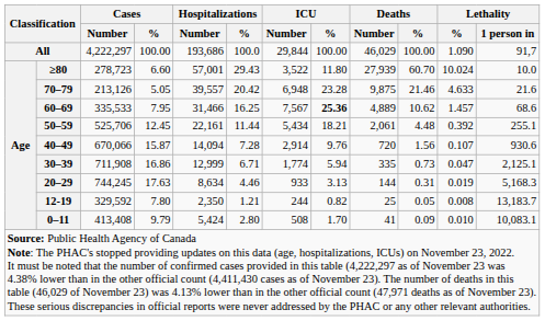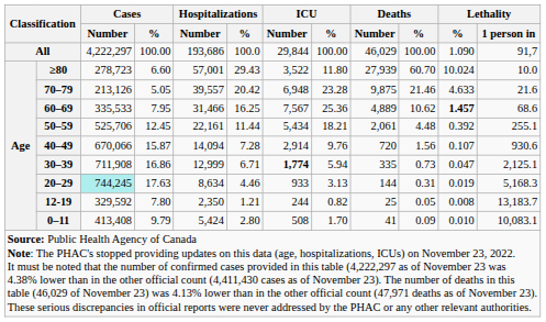 <table class="wikitable" style="text-align:right; font-size:90%">
 <tr>
 <th rowspan="2" colspan="2">Classification</th>
 <th colspan="2">Cases</th>
 <th colspan="2">Hospitalizations</th>
 <th colspan="2">ICU</th>
 <th colspan="2">Deaths</th>
 <th colspan="2">Lethality</th>
 </tr>
 <tr>
 <th>Number</th>
 <th>%</th>
 <th>Number</th>
 <th>%</th>
 <th>Number</th>
 <th>%</th>
 <th>Number</th>
 <th>%</th>
 <th>%</th>
 <th>1 person in</th>
 </tr>
 <tr>
 <th colspan="2">All</th>
 <td>4,222,297</td>
 <td>100.00</td>
 <td>193,686</td>
 <td>100.0</td>
 <td>29,844</td>
 <td>100.00</td>
 <td>46,029</td>
 <td>100.00</td>
 <td>1.090</td>
 <td>91,7</td>
 </tr>
 <tr>
 <th rowspan="9">Age</th>
 <th>≥80</th>
 <td>278,723</td>
 <td>6.60</td>
 <td>57,001</td>
 <td>29.43</td>
 <td>3,522</td>
 <td>11.80</td>
 <td>27,939</td>
 <td>60.70</td>
 <td>10.024</td>
 <td>10.0</td>
 </tr>
 <tr>
 <th>70–79</th>
 <td>213,126</td>
 <td>5.05</td>
 <td>39,557</td>
 <td>20.42</td>
 <td>6,948</td>
 <td>23.28</td>
 <td>9,875</td>
 <td>21.46</td>
 <td>4.633</td>
 <td>21.6</td>
 </tr>
 <tr>
 <th>60–69</th>
 <td>335,533</td>
 <td>7.95</td>
 <td>31,466</td>
 <td>16.25</td>
 <td>7,567</td>
-<td><strong>25.36</strong></td>
+<td>25.36</td>
 <td>4,889</td>
 <td>10.62</td>
-<td>1.457</td>
+<td><strong>1.457</strong></td>
 <td>68.6</td>
 </tr>
 <tr>
 <th>50–59</th>
 <td>525,706</td>
 <td>12.45</td>
 <td>22,161</td>
 <td>11.44</td>
 <td>5,434</td>
 <td>18.21</td>
 <td>2,061</td>
 <td>4.48</td>
 <td>0.392</td>
 <td>255.1</td>
 </tr>
 <tr>
 <th>40–49</th>
 <td>670,066</td>
 <td>15.87</td>
 <td>14,094</td>
 <td>7.28</td>
 <td>2,914</td>
 <td>9.76</td>
 <td>720</td>
 <td>1.56</td>
 <td>0.107</td>
 <td>930.6</td>
 </tr>
 <tr>
 <th>30–39</th>
 <td>711,908</td>
 <td>16.86</td>
 <td>12,999</td>
 <td>6.71</td>
-<td>1,774</td>
+<td><strong>1,774</strong></td>
 <td>5.94</td>
 <td>335</td>
 <td>0.73</td>
 <td>0.047</td>
 <td>2,125.1</td>
 </tr>
 <tr>
 <th>20–29</th>
-<td>744,245</td>
+<td style="background: paleturquoise;">744,245</td>
 <td>17.63</td>
 <td>8,634</td>
 <td>4.46</td>
 <td>933</td>
 <td>3.13</td>
 <td>144</td>
 <td>0.31</td>
 <td>0.019</td>
 <td>5,168.3</td>
 </tr>
 <tr>
 <th>12-19</th>
 <td>329,592</td>
 <td>7.80</td>
 <td>2,350</td>
 <td>1.21</td>
 <td>244</td>
 <td>0.82</td>
 <td>25</td>
 <td>0.05</td>
 <td>0.008</td>
 <td>13,183.7</td>
 </tr>
 <tr>
 <th>0–11</th>
 <td>413,408</td>
 <td>9.79</td>
 <td>5,424</td>
 <td>2.80</td>
 <td>508</td>
 <td>1.70</td>
 <td>41</td>
 <td>0.09</td>
 <td>0.010</td>
 <td>10,083.1</td>
 </tr>
 <tr>
 <td colspan="12" style="text-align:left;"><strong>Source:</strong> Public Health Agency of Canada <br><strong>Note</strong>: The PHAC's stopped providing updates on this data (age, hospitalizations, ICUs) on November 23, 2022.<br>It must be noted that the number of confirmed cases provided in this table (4,222,297 as of November 23 was<br>4.38% lower than in the other official count (4,411,430 cases as of November 23). The number of deaths in this<br>table (46,029 of November 23) was 4.13% lower than in the other official count (47,971 deaths as of November 23).<br>These serious discrepancies in official reports were never addressed by the PHAC or any other relevant authorities.</td>
 </tr>
 </table>
